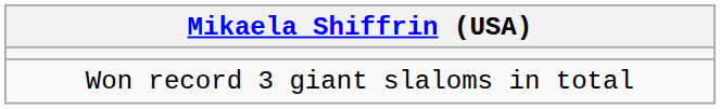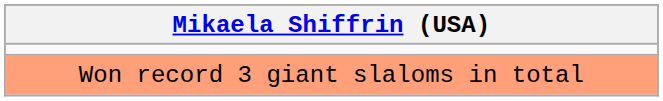 <table class="wikitable" style="text-align:center; width:28%; border:1px #AAAAFF solid">
 <tr>
 <th><a href='#'>Mikaela Shiffrin</a> (USA)</th>
 </tr>
 <tr>
 <td width=165></td>
 </tr>
 <tr>
-<td>Won record 3 giant slaloms in total</td>
+<td style="background: lightsalmon;">Won record 3 giant slaloms in total</td>
 </tr>
 </table>
